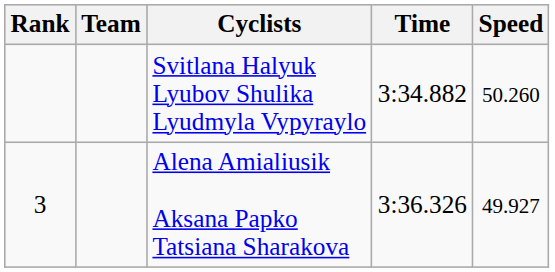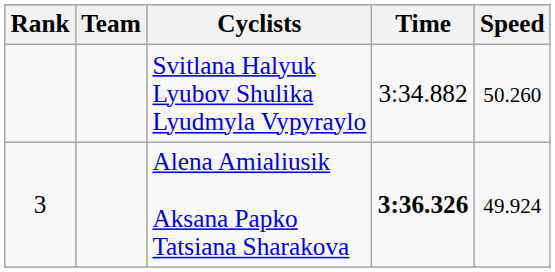 <table class="wikitable sortable" style="text-align:center;">
 <tr>
 <th>Rank</th>
 <th>Team</th>
 <th class="unsortable">Cyclists</th>
 <th>Time</th>
 <th>Speed</th>
 </tr>
 <tr>
 <td align=center></td>
 <td align=left></td>
 <td align=left><a href='#'>Svitlana Halyuk</a><br><a href='#'>Lyubov Shulika</a><br><a href='#'>Lyudmyla Vypyraylo</a></td>
 <td>3:34.882</td>
 <td><small>50.260</small></td>
 </tr>
 <tr>
 <td align=center>3</td>
 <td align=left></td>
 <td align=left><a href='#'>Alena Amialiusik</a><br><br><a href='#'>Aksana Papko</a><br> <a href='#'>Tatsiana Sharakova</a></td>
-<td>3:36.326</td>
-<td><small>49.927</small></td>
+<td><strong>3:36.326</strong></td>
+<td><small>49.924</small></td>
 </tr>
 </table>
